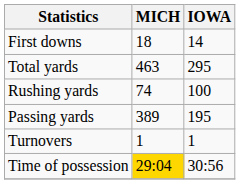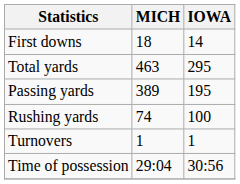 <table class="wikitable">
 <tr>
 <th>Statistics</th>
 <th>MICH</th>
 <th>IOWA</th>
 </tr>
 <tr>
 <td>First downs</td>
 <td>18</td>
 <td>14</td>
 </tr>
 <tr>
 <td>Total yards</td>
 <td>463</td>
 <td>295</td>
 </tr>
 <tr>
+<td>Passing yards</td>
+<td>389</td>
+<td>195</td>
+</tr>
+<tr>
 <td>Rushing yards</td>
 <td>74</td>
 <td>100</td>
-</tr>
-<tr>
-<td>Passing yards</td>
-<td>389</td>
-<td>195</td>
 </tr>
 <tr>
 <td>Turnovers</td>
 <td>1</td>
 <td>1</td>
 </tr>
 <tr>
 <td>Time of possession</td>
-<td style="background: gold;">29:04</td>
+<td>29:04</td>
 <td>30:56</td>
 </tr>
 <tr>
 </tr>
 </table>
